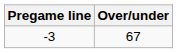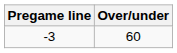 <table class="wikitable" style="margin-left: auto; margin-right: auto; border: none; display: inline-table;">
 <tr align="center">
 <th style=>Pregame line</th>
 <th style=>Over/under</th>
 </tr>
 <tr align="center">
 <td>-3</td>
-<td>67</td>
+<td>60</td>
 </tr>
 </table>
